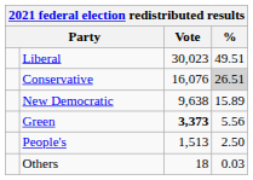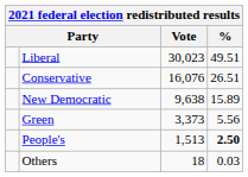 <table class="wikitable">
 <tr>
 <th colspan="4"><a href='#'>2021 federal election</a> redistributed results</th>
 </tr>
 <tr>
 <th bgcolor="#DDDDFF" width="130px" colspan="2">Party</th>
 <th bgcolor="#DDDDFF" width="50px">Vote</th>
 <th bgcolor="#DDDDFF" width="30px">%</th>
 </tr>
 <tr>
 <td> </td>
 <td><a href='#'>Liberal</a></td>
 <td align=right>30,023</td>
 <td align=right>49.51</td>
 </tr>
 <tr>
 <td> </td>
 <td><a href='#'>Conservative</a></td>
 <td align=right>16,076</td>
-<td align=right style="background: lightgrey;">26.51</td>
+<td align=right>26.51</td>
 </tr>
 <tr>
 <td> </td>
 <td><a href='#'>New Democratic</a></td>
 <td align=right>9,638</td>
 <td align=right>15.89</td>
 </tr>
 <tr>
 <td> </td>
 <td><a href='#'>Green</a></td>
-<td align=right><strong>3,373</strong></td>
+<td align=right>3,373</td>
 <td align=right>5.56</td>
 </tr>
 <tr>
 <td> </td>
 <td><a href='#'>People's</a></td>
 <td align=right>1,513</td>
-<td align=right>2.50</td>
+<td align=right><strong>2.50</strong></td>
 </tr>
 <tr>
 <td> </td>
 <td>Others</td>
 <td align=right>18</td>
 <td align=right>0.03</td>
 </tr>
 </table>
